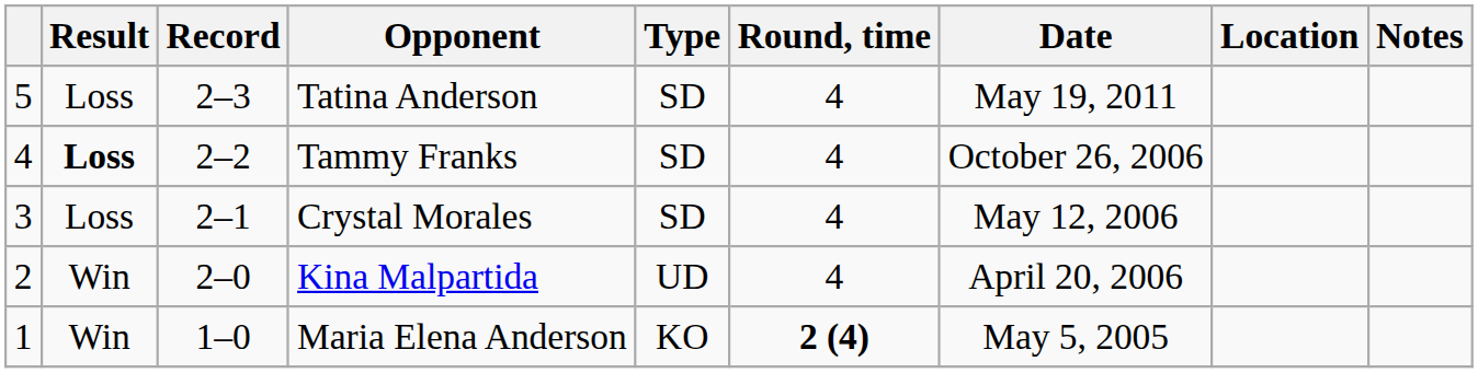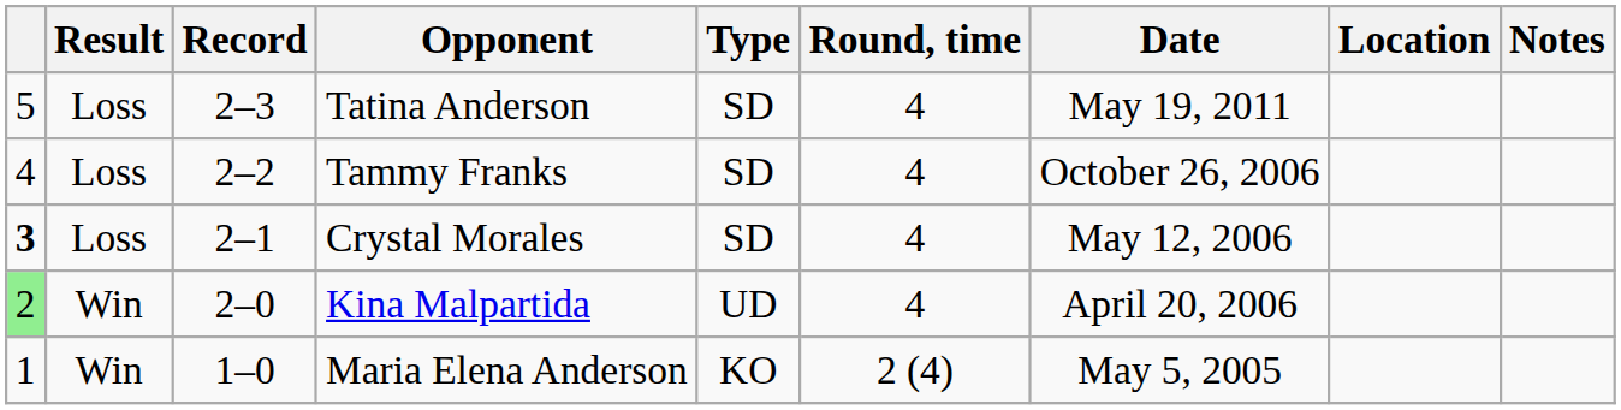 <table class="wikitable" style="text-align:center; font-size:95%">
 <tr>
 <th></th>
 <th>Result</th>
 <th>Record</th>
 <th>Opponent</th>
 <th>Type</th>
 <th>Round, time</th>
 <th>Date</th>
 <th>Location</th>
 <th>Notes</th>
 </tr>
 <tr>
 <td>5</td>
 <td>Loss</td>
 <td>2–3</td>
 <td style="text-align:left;"> Tatina Anderson</td>
 <td>SD</td>
 <td>4</td>
 <td>May 19, 2011</td>
 <td style="text-align:left;"></td>
 <td style="text-align:left;"></td>
 </tr>
 <tr>
 <td>4</td>
-<td><strong>Loss</strong></td>
+<td>Loss</td>
 <td>2–2</td>
 <td style="text-align:left;"> Tammy Franks</td>
 <td>SD</td>
 <td>4</td>
 <td>October 26, 2006</td>
 <td style="text-align:left;"> </td>
 <td style="text-align:left;"></td>
 </tr>
 <tr>
-<td>3</td>
+<td><strong>3</strong></td>
 <td>Loss</td>
 <td>2–1</td>
 <td style="text-align:left;"> Crystal Morales</td>
 <td>SD</td>
 <td>4</td>
 <td>May 12, 2006</td>
 <td style="text-align:left;"> </td>
 <td style="text-align:left;"></td>
 </tr>
 <tr>
-<td>2</td>
+<td style="background: lightgreen;">2</td>
 <td>Win</td>
 <td>2–0</td>
 <td style="text-align:left;"> <a href='#'>Kina Malpartida</a></td>
 <td>UD</td>
 <td>4</td>
 <td>April 20, 2006</td>
 <td style="text-align:left;"> </td>
 <td style="text-align:left;"></td>
 </tr>
 <tr>
 <td>1</td>
 <td>Win</td>
 <td>1–0</td>
 <td style="text-align:left;"> Maria Elena Anderson</td>
 <td>KO</td>
-<td><strong>2 (4)</strong></td>
+<td>2 (4)</td>
 <td>May 5, 2005</td>
 <td style="text-align:left;"> </td>
 <td style="text-align:left;"></td>
 </tr>
 <tr>
 </tr>
 </table>
